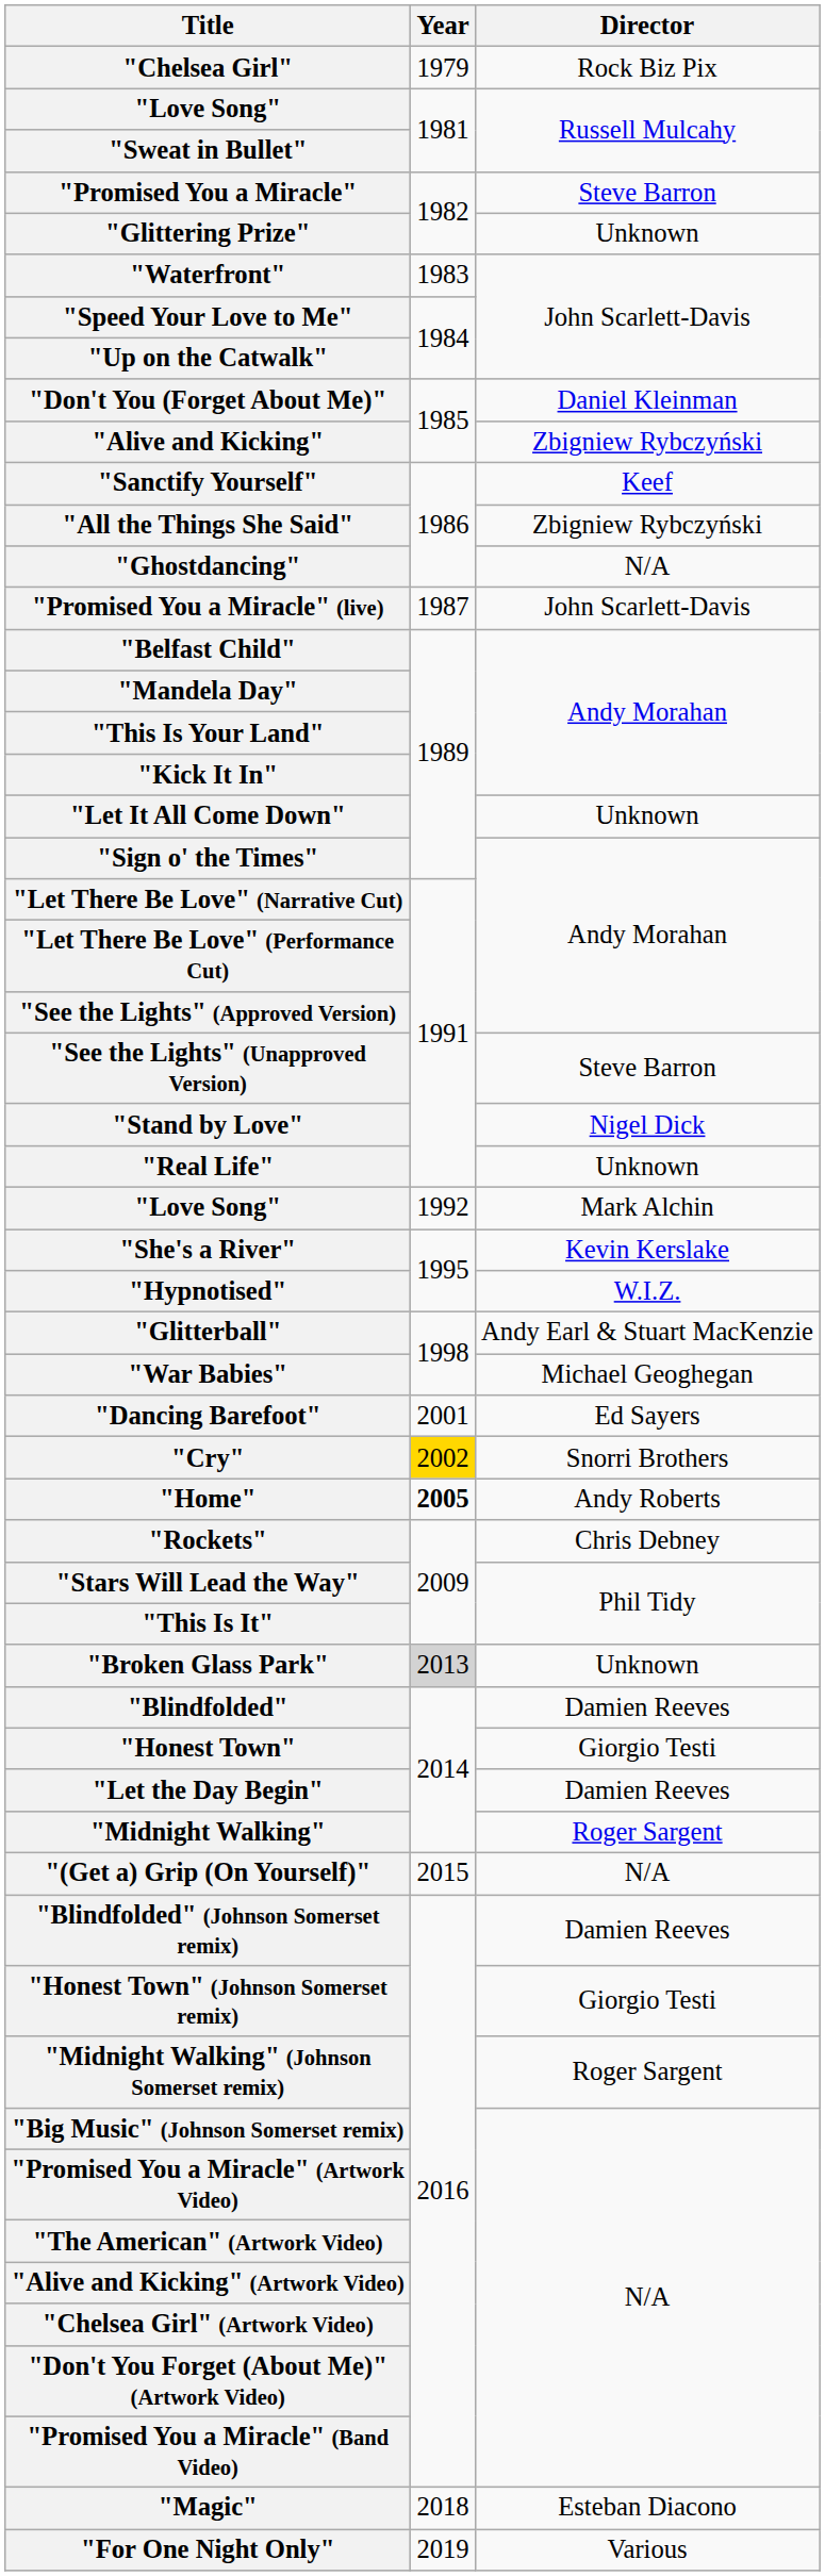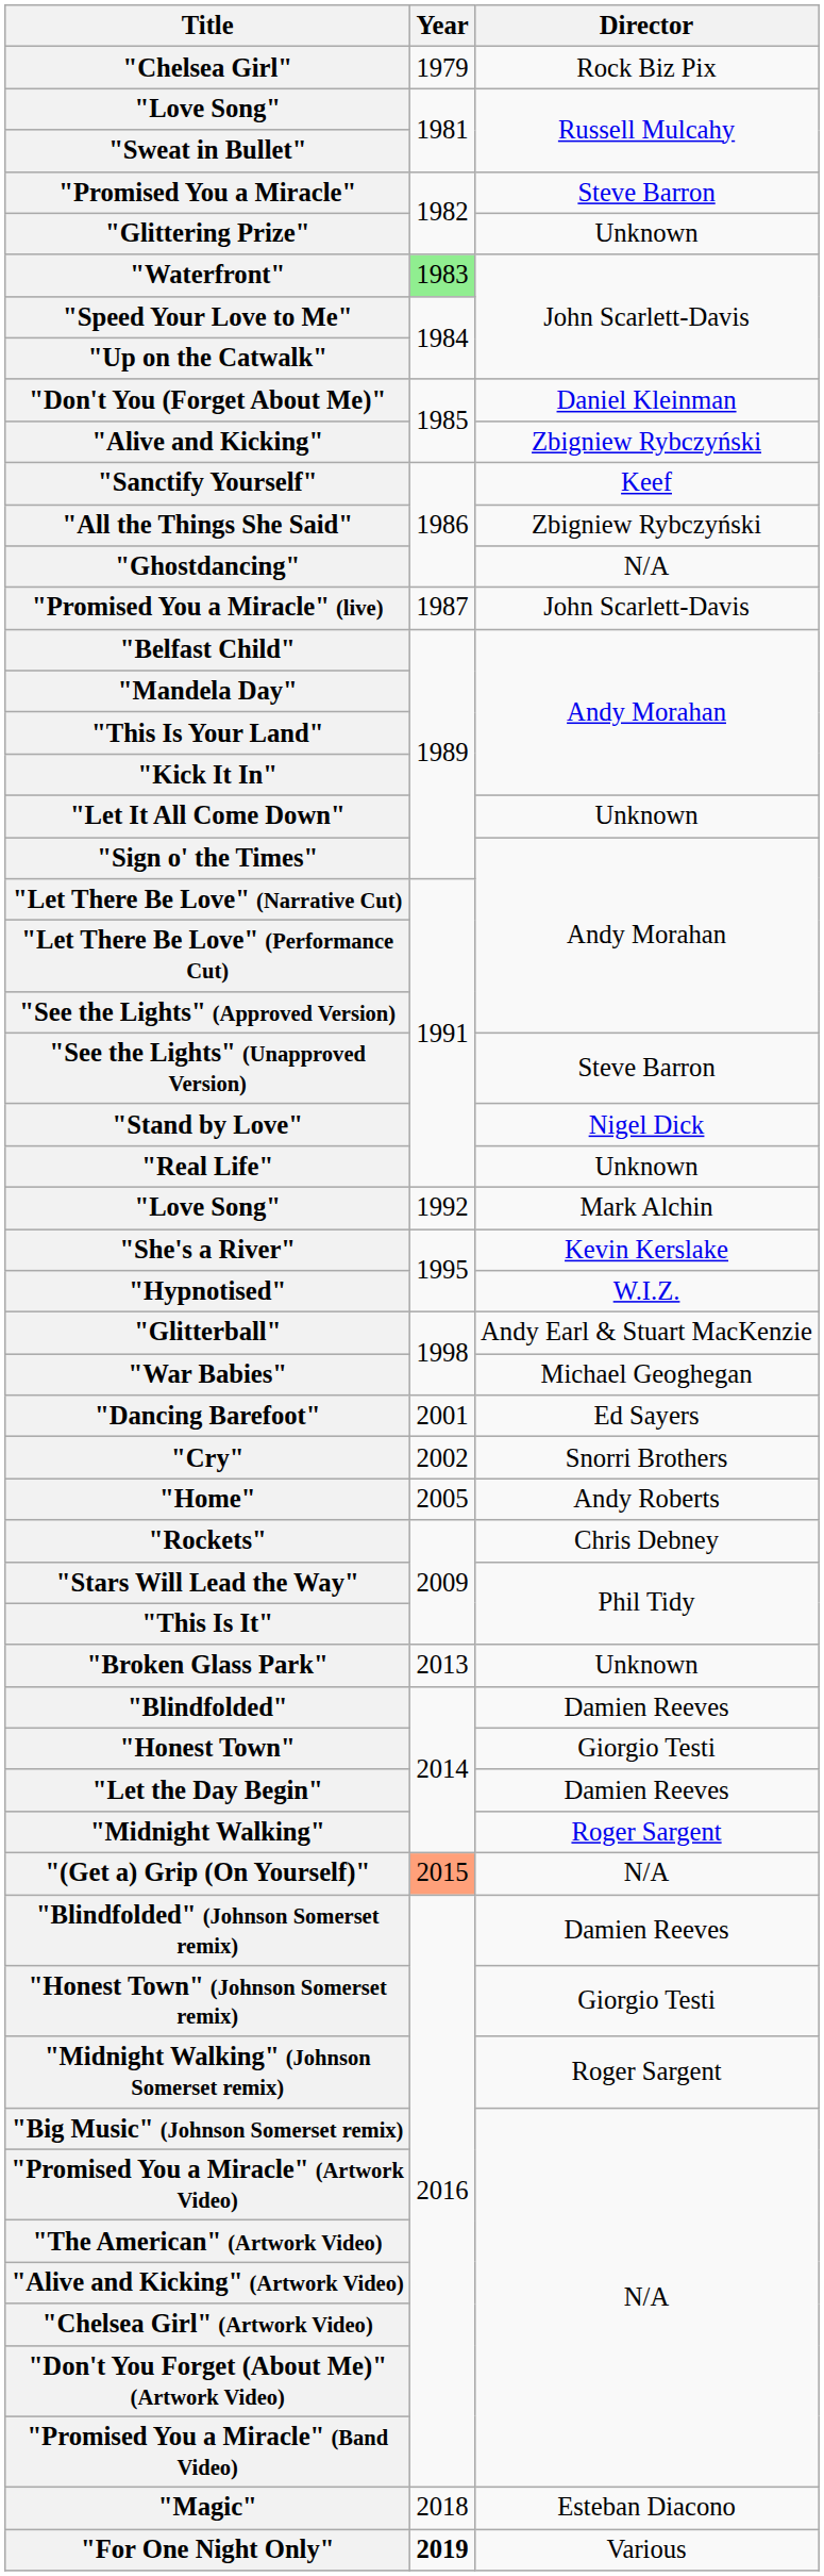 <table class="wikitable plainrowheaders" style="text-align:center;">
 <tr>
 <th scope="col" style="width:15em;">Title</th>
 <th scope="col">Year</th>
 <th>Director</th>
 </tr>
 <tr>
 <th scope="row">"Chelsea Girl"</th>
 <td>1979</td>
 <td>Rock Biz Pix</td>
 </tr>
 <tr>
 <th scope="row">"Love Song"</th>
 <td rowspan="2">1981</td>
 <td rowspan="2"><a href='#'>Russell Mulcahy</a></td>
 </tr>
 <tr>
 <th scope="row">"Sweat in Bullet"</th>
 </tr>
 <tr>
 <th scope="row">"Promised You a Miracle"</th>
 <td rowspan="2">1982</td>
 <td><a href='#'>Steve Barron</a></td>
 </tr>
 <tr>
 <th scope="row">"Glittering Prize"</th>
 <td>Unknown</td>
 </tr>
 <tr>
 <th scope="row">"Waterfront"</th>
-<td>1983</td>
+<td style="background: lightgreen;">1983</td>
 <td rowspan="3">John Scarlett-Davis</td>
 </tr>
 <tr>
 <th scope="row">"Speed Your Love to Me"</th>
 <td rowspan="2">1984</td>
 </tr>
 <tr>
 <th scope="row">"Up on the Catwalk"</th>
 </tr>
 <tr>
 <th scope="row">"Don't You (Forget About Me)"</th>
 <td rowspan="2">1985</td>
 <td><a href='#'>Daniel Kleinman</a></td>
 </tr>
 <tr>
 <th scope="row">"Alive and Kicking"</th>
 <td><a href='#'>Zbigniew Rybczyński</a></td>
 </tr>
 <tr>
 <th scope="row">"Sanctify Yourself"</th>
 <td rowspan="3">1986</td>
 <td><a href='#'>Keef</a></td>
 </tr>
 <tr>
 <th scope="row">"All the Things She Said"</th>
 <td>Zbigniew Rybczyński</td>
 </tr>
 <tr>
 <th scope="row">"Ghostdancing"</th>
 <td>N/A</td>
 </tr>
 <tr>
 <th scope="row">"Promised You a Miracle" <small>(live)</small></th>
 <td>1987</td>
 <td>John Scarlett-Davis</td>
 </tr>
 <tr>
 <th scope="row">"Belfast Child"</th>
 <td rowspan="6">1989</td>
 <td rowspan="4"><a href='#'>Andy Morahan</a></td>
 </tr>
 <tr>
 <th scope="row">"Mandela Day"</th>
 </tr>
 <tr>
 <th scope="row">"This Is Your Land"</th>
 </tr>
 <tr>
 <th scope="row">"Kick It In"</th>
 </tr>
 <tr>
 <th scope="row">"Let It All Come Down"</th>
 <td>Unknown</td>
 </tr>
 <tr>
 <th scope="row">"Sign o' the Times"</th>
 <td rowspan="4">Andy Morahan</td>
 </tr>
 <tr>
 <th scope="row">"Let There Be Love" <small>(Narrative Cut)</small></th>
 <td rowspan="6">1991</td>
 </tr>
 <tr>
 <th scope="row">"Let There Be Love" <small>(Performance Cut)</small></th>
 </tr>
 <tr>
 <th scope="row">"See the Lights" <small>(Approved Version)</small></th>
 </tr>
 <tr>
 <th scope="row">"See the Lights" <small>(Unapproved Version)</small></th>
 <td>Steve Barron</td>
 </tr>
 <tr>
 <th scope="row">"Stand by Love"</th>
 <td><a href='#'>Nigel Dick</a></td>
 </tr>
 <tr>
 <th scope="row">"Real Life"</th>
 <td>Unknown</td>
 </tr>
 <tr>
 <th scope="row">"Love Song"</th>
 <td>1992</td>
 <td>Mark Alchin</td>
 </tr>
 <tr>
 <th scope="row">"She's a River"</th>
 <td rowspan="2">1995</td>
 <td><a href='#'>Kevin Kerslake</a></td>
 </tr>
 <tr>
 <th scope="row">"Hypnotised"</th>
 <td><a href='#'>W.I.Z.</a></td>
 </tr>
 <tr>
 <th scope="row">"Glitterball"</th>
 <td rowspan="2">1998</td>
 <td>Andy Earl & Stuart MacKenzie</td>
 </tr>
 <tr>
 <th scope="row">"War Babies"</th>
 <td>Michael Geoghegan</td>
 </tr>
 <tr>
 <th scope="row">"Dancing Barefoot"</th>
 <td>2001</td>
 <td>Ed Sayers</td>
 </tr>
 <tr>
 <th scope="row">"Cry"</th>
-<td style="background: gold;">2002</td>
+<td>2002</td>
 <td>Snorri Brothers</td>
 </tr>
 <tr>
 <th scope="row">"Home"</th>
-<td><strong>2005</strong></td>
+<td>2005</td>
 <td>Andy Roberts</td>
 </tr>
 <tr>
 <th scope="row">"Rockets"</th>
 <td rowspan="3">2009</td>
 <td>Chris Debney</td>
 </tr>
 <tr>
 <th scope="row">"Stars Will Lead the Way"</th>
 <td rowspan="2">Phil Tidy</td>
 </tr>
 <tr>
 <th scope="row">"This Is It"</th>
 </tr>
 <tr>
 <th scope="row">"Broken Glass Park"</th>
-<td style="background: lightgrey;">2013</td>
+<td>2013</td>
 <td>Unknown</td>
 </tr>
 <tr>
 <th scope="row">"Blindfolded"</th>
 <td rowspan="4">2014</td>
 <td>Damien Reeves</td>
 </tr>
 <tr>
 <th scope="row">"Honest Town"</th>
 <td>Giorgio Testi</td>
 </tr>
 <tr>
 <th scope="row">"Let the Day Begin"</th>
 <td>Damien Reeves</td>
 </tr>
 <tr>
 <th scope="row">"Midnight Walking"</th>
 <td><a href='#'>Roger Sargent</a></td>
 </tr>
 <tr>
 <th scope="row">"(Get a) Grip (On Yourself)"</th>
-<td>2015</td>
+<td style="background: lightsalmon;">2015</td>
 <td>N/A</td>
 </tr>
 <tr>
 <th scope="row">"Blindfolded" <small>(Johnson Somerset remix)</small></th>
 <td rowspan="10">2016</td>
 <td>Damien Reeves</td>
 </tr>
 <tr>
 <th scope="row">"Honest Town" <small>(Johnson Somerset remix)</small></th>
 <td>Giorgio Testi</td>
 </tr>
 <tr>
 <th scope="row">"Midnight Walking" <small>(Johnson Somerset remix)</small></th>
 <td>Roger Sargent</td>
 </tr>
 <tr>
 <th scope="row">"Big Music" <small>(Johnson Somerset remix)</small></th>
 <td rowspan="7">N/A</td>
 </tr>
 <tr>
 <th scope="row">"Promised You a Miracle" <small>(Artwork Video)</small></th>
 </tr>
 <tr>
 <th scope="row">"The American" <small>(Artwork Video)</small></th>
 </tr>
 <tr>
 <th scope="row">"Alive and Kicking" <small>(Artwork Video)</small></th>
 </tr>
 <tr>
 <th scope="row">"Chelsea Girl" <small>(Artwork Video)</small></th>
 </tr>
 <tr>
 <th scope="row">"Don't You Forget (About Me)" <small>(Artwork Video)</small></th>
 </tr>
 <tr>
 <th scope="row">"Promised You a Miracle" <small>(Band Video)</small></th>
 </tr>
 <tr>
 <th scope="row">"Magic"</th>
 <td>2018</td>
 <td>Esteban Diacono</td>
 </tr>
 <tr>
 <th scope="row">"For One Night Only"</th>
-<td>2019</td>
+<td><strong>2019</strong></td>
 <td>Various</td>
 </tr>
 </table>
